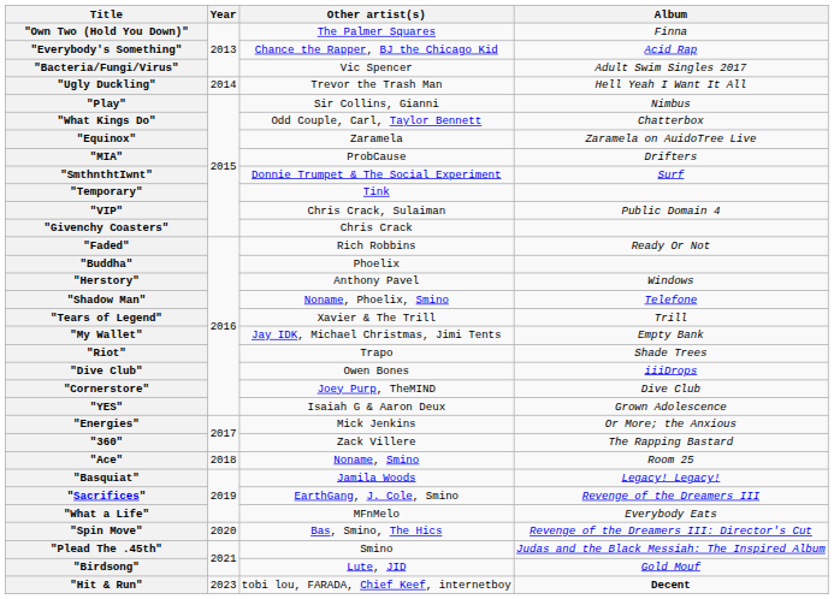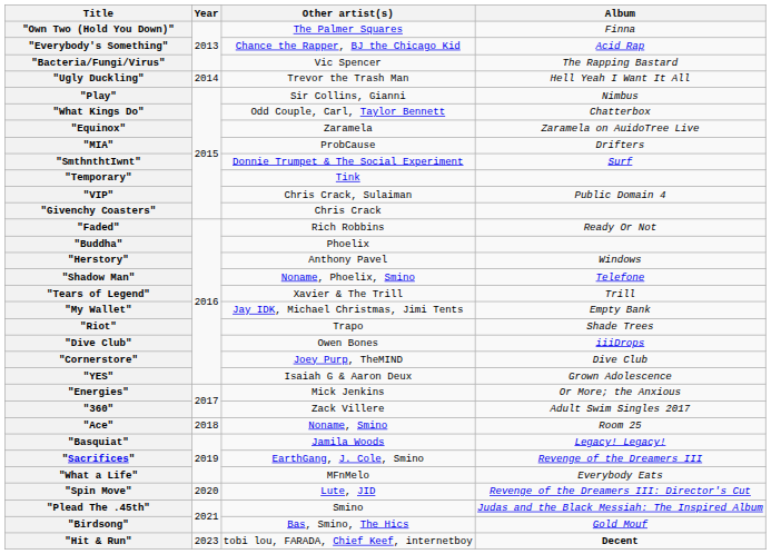 <table class="wikitable plainrowheaders" style="text-align:center;">
 <tr>
 <th scope="col" style="width:18em;">Title</th>
 <th scope="col">Year</th>
 <th scope="col">Other artist(s)</th>
 <th scope="col">Album</th>
 </tr>
 <tr>
 <th scope="row">"Own Two (Hold You Down)"</th>
 <td rowspan="3">2013</td>
 <td><a href='#'>The Palmer Squares</a></td>
 <td><em>Finna</em></td>
 </tr>
 <tr>
 <th scope="row">"Everybody's Something"</th>
 <td><a href='#'>Chance the Rapper</a>, <a href='#'>BJ the Chicago Kid</a></td>
 <td><em><a href='#'>Acid Rap</a></em></td>
 </tr>
 <tr>
 <th scope="row">"Bacteria/Fungi/Virus"</th>
 <td>Vic Spencer</td>
-<td><em>Adult Swim Singles 2017</em></td>
+<td><em>The Rapping Bastard</em></td>
 </tr>
 <tr>
 <th scope="row">"Ugly Duckling"</th>
 <td rowspan="1">2014</td>
 <td>Trevor the Trash Man</td>
 <td><em>Hell Yeah  I Want It All</em></td>
 </tr>
 <tr>
 <th scope="row">"Play"</th>
 <td rowspan="8">2015</td>
 <td>Sir Collins, Gianni</td>
 <td><em>Nimbus</em></td>
 </tr>
 <tr>
 <th scope="row">"What Kings Do"</th>
 <td>Odd Couple, Carl, <a href='#'>Taylor Bennett</a></td>
 <td><em>Chatterbox</em></td>
 </tr>
 <tr>
 <th scope="row">"Equinox"</th>
 <td>Zaramela</td>
 <td><em>Zaramela on AuidoTree Live</em></td>
 </tr>
 <tr>
 <th scope="row">"MIA"</th>
 <td>ProbCause</td>
 <td><em>Drifters</em></td>
 </tr>
 <tr>
 <th scope="row">"SmthnthtIwnt"</th>
 <td><a href='#'>Donnie Trumpet & The Social Experiment</a></td>
 <td><em><a href='#'>Surf</a></em></td>
 </tr>
 <tr>
 <th scope="row">"Temporary"</th>
 <td><a href='#'>Tink</a></td>
 <td></td>
 </tr>
 <tr>
 <th scope="row">"VIP"</th>
 <td>Chris Crack, Sulaiman</td>
 <td><em>Public Domain 4</em></td>
 </tr>
 <tr>
 <th scope="row">"Givenchy Coasters"</th>
 <td>Chris Crack</td>
 <td></td>
 </tr>
 <tr>
 <th scope="row">"Faded"</th>
 <td rowspan="10">2016</td>
 <td>Rich Robbins</td>
 <td><em>Ready Or Not</em></td>
 </tr>
 <tr>
 <th scope="row">"Buddha"</th>
 <td>Phoelix</td>
 <td></td>
 </tr>
 <tr>
 <th scope="row">"Herstory"</th>
 <td>Anthony Pavel</td>
 <td><em>Windows</em></td>
 </tr>
 <tr>
 <th scope="row">"Shadow Man"</th>
 <td><a href='#'>Noname</a>, Phoelix, <a href='#'>Smino</a></td>
 <td><em><a href='#'>Telefone</a></em></td>
 </tr>
 <tr>
 <th scope="row">"Tears of Legend"</th>
 <td>Xavier & The Trill</td>
 <td><em>Trill</em></td>
 </tr>
 <tr>
 <th scope="row">"My Wallet"</th>
 <td><a href='#'>Jay IDK</a>, Michael Christmas, Jimi Tents</td>
 <td><em>Empty Bank</em></td>
 </tr>
 <tr>
 <th scope="row">"Riot"</th>
 <td>Trapo</td>
 <td><em>Shade Trees</em></td>
 </tr>
 <tr>
 <th scope="row">"Dive Club"</th>
 <td>Owen Bones</td>
 <td><em><a href='#'>iiiDrops</a></em></td>
 </tr>
 <tr>
 <th scope="row">"Cornerstore"</th>
 <td><a href='#'>Joey Purp</a>, TheMIND</td>
 <td><em>Dive Club</em></td>
 </tr>
 <tr>
 <th scope="row">"YES"</th>
 <td>Isaiah G & Aaron Deux</td>
 <td><em>Grown Adolescence</em></td>
 </tr>
 <tr>
 <th scope="row">"Energies"</th>
 <td rowspan="2">2017</td>
 <td>Mick Jenkins</td>
 <td><em>Or More; the Anxious</em></td>
 </tr>
 <tr>
 <th scope="row">"360"</th>
 <td>Zack Villere</td>
-<td><em>The Rapping Bastard</em></td>
+<td><em>Adult Swim Singles 2017</em></td>
 </tr>
 <tr>
 <th scope="row">"Ace"</th>
 <td rowspan="1">2018</td>
 <td><a href='#'>Noname</a>, <a href='#'>Smino</a></td>
 <td><em>Room 25</em></td>
 </tr>
 <tr>
 <th scope="row">"Basquiat"</th>
 <td rowspan="3">2019</td>
 <td><a href='#'>Jamila Woods</a></td>
 <td><em><a href='#'>Legacy! Legacy!</a></em></td>
 </tr>
 <tr>
 <th scope="row">"<a href='#'>Sacrifices</a>"</th>
 <td><a href='#'>EarthGang</a>, <a href='#'>J. Cole</a>, Smino</td>
 <td><em><a href='#'>Revenge of the Dreamers III</a></em></td>
 </tr>
 <tr>
 <th scope="row">"What a Life"</th>
 <td>MFnMelo</td>
 <td><em>Everybody Eats</em></td>
 </tr>
 <tr>
 <th scope="row">"Spin Move"</th>
 <td>2020</td>
-<td><a href='#'>Bas</a>, Smino, <a href='#'>The Hics</a></td>
+<td><a href='#'>Lute</a>, <a href='#'>JID</a></td>
 <td rowspan="1"><em><a href='#'>Revenge of the Dreamers III: Director's Cut</a></em></td>
 </tr>
 <tr>
 <th scope="row">"Plead The .45th"</th>
 <td rowspan="2">2021</td>
 <td>Smino</td>
 <td><em><a href='#'>Judas and the Black Messiah: The Inspired Album</a></em></td>
 </tr>
 <tr>
 <th scope="row">"Birdsong"</th>
-<td><a href='#'>Lute</a>, <a href='#'>JID</a></td>
+<td><a href='#'>Bas</a>, Smino, <a href='#'>The Hics</a></td>
 <td><em><a href='#'>Gold Mouf</a></em></td>
 </tr>
 <tr>
 <th scope="row">"Hit & Run"</th>
 <td rowspan="1">2023</td>
 <td>tobi lou, FARADA, <a href='#'>Chief Keef</a>, internetboy</td>
 <td><strong>Decent<em></td>
 </tr>
 </table>
